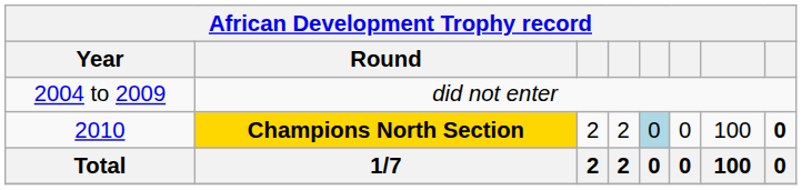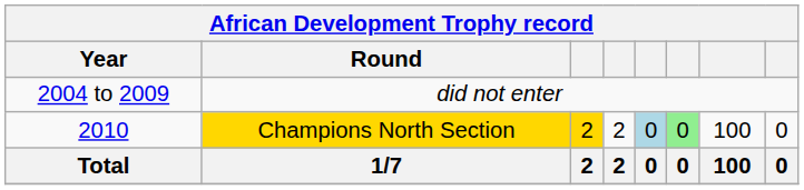 <table class="wikitable" style="font-size:90%; width: 40%; text-align: center;">
 <tr>
 <th colspan=8><a href='#'>African Development Trophy record</a></th>
 </tr>
 <tr>
 <th>Year</th>
 <th>Round</th>
 <th></th>
 <th></th>
 <th></th>
 <th></th>
 <th></th>
 <th></th>
 </tr>
 <tr>
 <td><a href='#'>2004</a> to <a href='#'>2009</a></td>
 <td colspan="7"><em>did not enter</em></td>
 </tr>
 <tr>
 <td><a href='#'>2010</a></td>
-<td bgcolor=gold><strong>Champions North Section</strong></td>
-<td>2</td>
+<td bgcolor=gold>Champions North Section</td>
+<td style="background: gold;">2</td>
 <td>2</td>
 <td style="background: lightblue;">0</td>
+<td style="background: lightgreen;">0</td>
+<td>100</td>
 <td>0</td>
-<td>100</td>
-<td><strong>0</strong></td>
 </tr>
 <tr>
 <th>Total</th>
 <th>1/7</th>
 <th>2</th>
 <th>2</th>
 <th>0</th>
 <th>0</th>
 <th>100</th>
 <th>0</th>
 </tr>
 <tr>
 </tr>
 </table>
